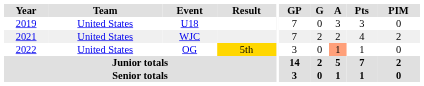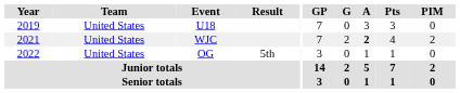 <table border="0" cellpadding="1" cellspacing="0" ID="Table3" style="text-align:center; width:40em;">
 <tr bgcolor="#e0e0e0">
 <th>Year</th>
 <th>Team</th>
 <th>Event</th>
 <th>Result</th>
 <th rowspan="98" bgcolor="#ffffff"></th>
 <th>GP</th>
 <th>G</th>
 <th>A</th>
 <th>Pts</th>
 <th>PIM</th>
 </tr>
 <tr>
 <td><a href='#'>2019</a></td>
 <td><a href='#'>United States</a></td>
 <td><a href='#'>U18</a></td>
 <td></td>
 <td>7</td>
 <td>0</td>
 <td>3</td>
 <td>3</td>
 <td>0</td>
 </tr>
 <tr bgcolor="#f0f0f0">
 <td><a href='#'>2021</a></td>
 <td><a href='#'>United States</a></td>
 <td><a href='#'>WJC</a></td>
 <td></td>
 <td>7</td>
 <td>2</td>
-<td>2</td>
+<td><strong>2</strong></td>
 <td>4</td>
 <td>2</td>
 </tr>
 <tr>
 <td><a href='#'>2022</a></td>
 <td><a href='#'>United States</a></td>
 <td><a href='#'>OG</a></td>
-<td style="background: gold;">5th</td>
+<td>5th</td>
 <td>3</td>
 <td>0</td>
-<td style="background: lightsalmon;">1</td>
+<td>1</td>
 <td>1</td>
 <td>0</td>
 </tr>
 <tr bgcolor="#e0e0e0">
 <th colspan="4">Junior totals</th>
 <th>14</th>
 <th>2</th>
 <th>5</th>
 <th>7</th>
 <th>2</th>
 </tr>
 <tr bgcolor="#e0e0e0">
 <th colspan="4">Senior totals</th>
 <th>3</th>
 <th>0</th>
 <th>1</th>
 <th>1</th>
 <th>0</th>
 </tr>
 </table>
